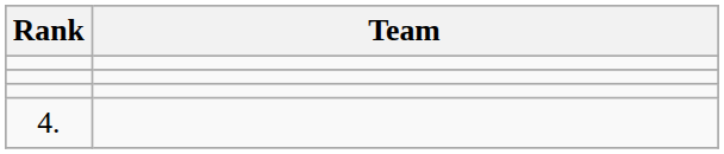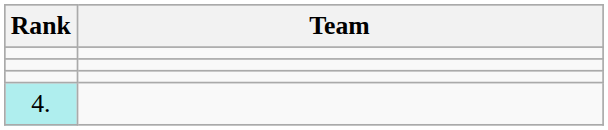 <table class="wikitable" style="font-size:95%">
 <tr>
 <th>Rank</th>
 <th align="left" style="width: 20em">Team</th>
 </tr>
 <tr>
 <td align="center"></td>
 <td></td>
 </tr>
 <tr>
 <td align="center"></td>
 <td></td>
 </tr>
 <tr>
 <td align="center"></td>
 <td></td>
 </tr>
 <tr>
-<td rowspan=1 align="center">4.</td>
+<td rowspan=1 align="center" style="background: paleturquoise;">4.</td>
 <td></td>
 </tr>
 </table>
